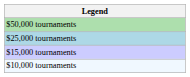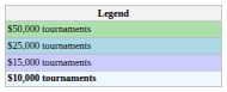 <table class="wikitable" style="font-size:85%; width:15%;">
 <tr>
 <th>Legend</th>
 </tr>
 <tr style="background:#addfad;">
 <td>$50,000 tournaments</td>
 </tr>
 <tr style="background:lightblue;">
 <td>$25,000 tournaments</td>
 </tr>
 <tr style="background:#ccccff;">
 <td>$15,000 tournaments</td>
 </tr>
 <tr style="background:#f0f8ff;">
-<td>$10,000 tournaments</td>
+<td><strong>$10,000 tournaments</strong></td>
 </tr>
 </table>
